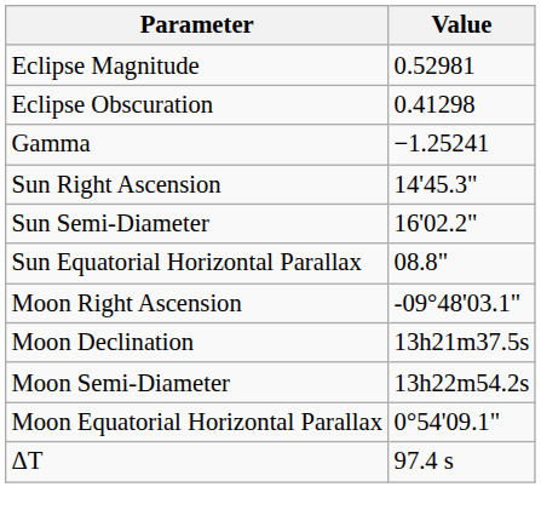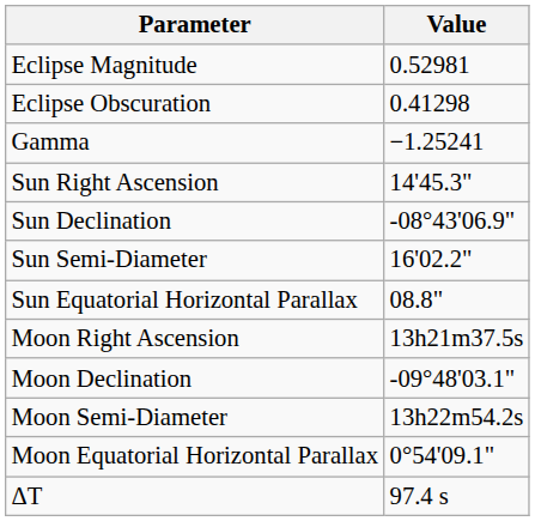 <table class="wikitable">
 <tr>
 <th>Parameter</th>
 <th>Value</th>
 </tr>
 <tr>
 <td>Eclipse Magnitude</td>
 <td>0.52981</td>
 </tr>
 <tr>
 <td>Eclipse Obscuration</td>
 <td>0.41298</td>
 </tr>
 <tr>
 <td>Gamma</td>
 <td>−1.25241</td>
 </tr>
 <tr>
 <td>Sun Right Ascension</td>
 <td>14'45.3"</td>
 </tr>
 <tr>
+<td>Sun Declination</td>
+<td>-08°43'06.9"</td>
+</tr>
+<tr>
 <td>Sun Semi-Diameter</td>
 <td>16'02.2"</td>
 </tr>
 <tr>
 <td>Sun Equatorial Horizontal Parallax</td>
 <td>08.8"</td>
 </tr>
 <tr>
 <td>Moon Right Ascension</td>
-<td>-09°48'03.1"</td>
+<td>13h21m37.5s</td>
 </tr>
 <tr>
 <td>Moon Declination</td>
-<td>13h21m37.5s</td>
+<td>-09°48'03.1"</td>
 </tr>
 <tr>
 <td>Moon Semi-Diameter</td>
 <td>13h22m54.2s</td>
 </tr>
 <tr>
 <td>Moon Equatorial Horizontal Parallax</td>
 <td>0°54'09.1"</td>
 </tr>
 <tr>
 <td>ΔT</td>
 <td>97.4 s</td>
 </tr>
 </table>
